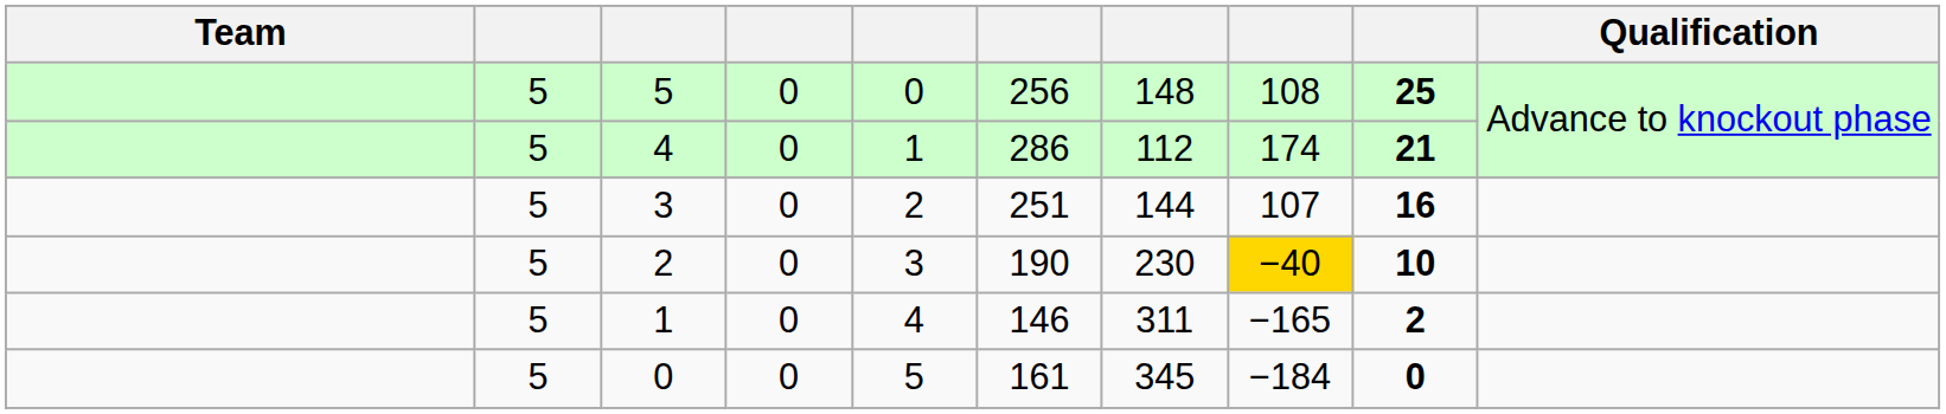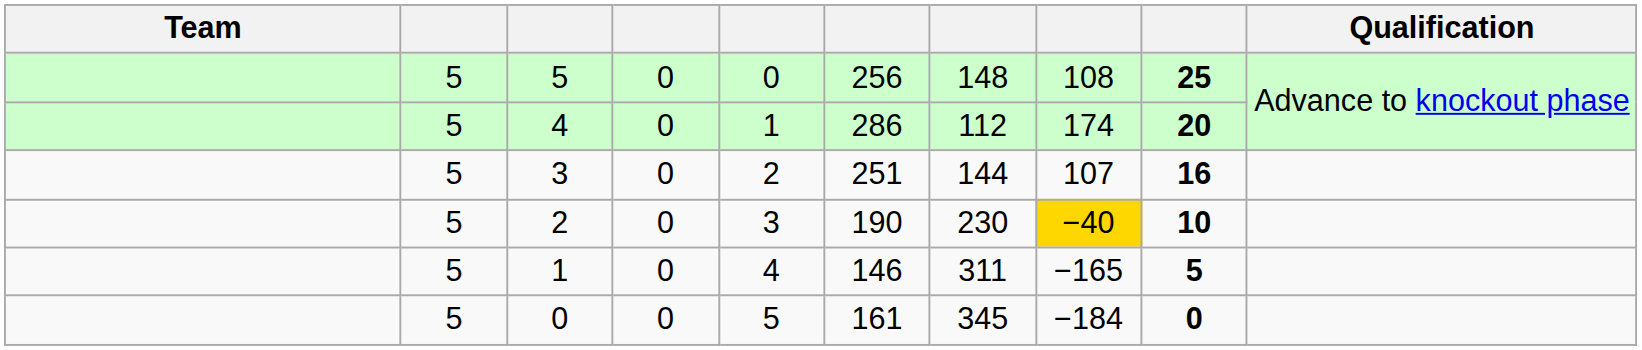 <table class=wikitable style="text-align: center;">
 <tr>
 <th style="width: 12.5em;" scope="col">Team</th>
 <th style="width: 3em;" scope="col"></th>
 <th style="width: 3em;" scope="col"></th>
 <th style="width: 3em;" scope="col"></th>
 <th style="width: 3em;" scope="col"></th>
 <th style="width: 3em;" scope="col"></th>
 <th style="width: 3em;" scope="col"></th>
 <th style="width: 3em;" scope="col"></th>
 <th style="width: 3em;" scope="col"></th>
 <th scope="col">Qualification</th>
 </tr>
 <tr style="background-color: #CCFFCC;">
 <td style="text-align: left;"></td>
 <td>5</td>
 <td>5</td>
 <td>0</td>
 <td>0</td>
 <td>256</td>
 <td>148</td>
 <td>108</td>
 <td><strong>25</strong></td>
 <td rowspan="2">Advance to <a href='#'>knockout phase</a></td>
 </tr>
 <tr style="background-color: #CCFFCC;">
 <td style="text-align: left;"></td>
 <td>5</td>
 <td>4</td>
 <td>0</td>
 <td>1</td>
 <td>286</td>
 <td>112</td>
 <td>174</td>
-<td><strong>21</strong></td>
+<td><strong>20</strong></td>
 </tr>
 <tr>
 <td style="text-align: left;"></td>
 <td>5</td>
 <td>3</td>
 <td>0</td>
 <td>2</td>
 <td>251</td>
 <td>144</td>
 <td>107</td>
 <td><strong>16</strong></td>
 <td></td>
 </tr>
 <tr>
 <td style="text-align: left;"></td>
 <td>5</td>
 <td>2</td>
 <td>0</td>
 <td>3</td>
 <td>190</td>
 <td>230</td>
 <td style="background: gold;">−40</td>
 <td><strong>10</strong></td>
 <td></td>
 </tr>
 <tr>
 <td style="text-align: left;"></td>
 <td>5</td>
 <td>1</td>
 <td>0</td>
 <td>4</td>
 <td>146</td>
 <td>311</td>
 <td>−165</td>
-<td><strong>2</strong></td>
+<td><strong>5</strong></td>
 <td></td>
 </tr>
 <tr>
 <td style="text-align: left;"></td>
 <td>5</td>
 <td>0</td>
 <td>0</td>
 <td>5</td>
 <td>161</td>
 <td>345</td>
 <td>−184</td>
 <td><strong>0</strong></td>
 <td></td>
 </tr>
 </table>
